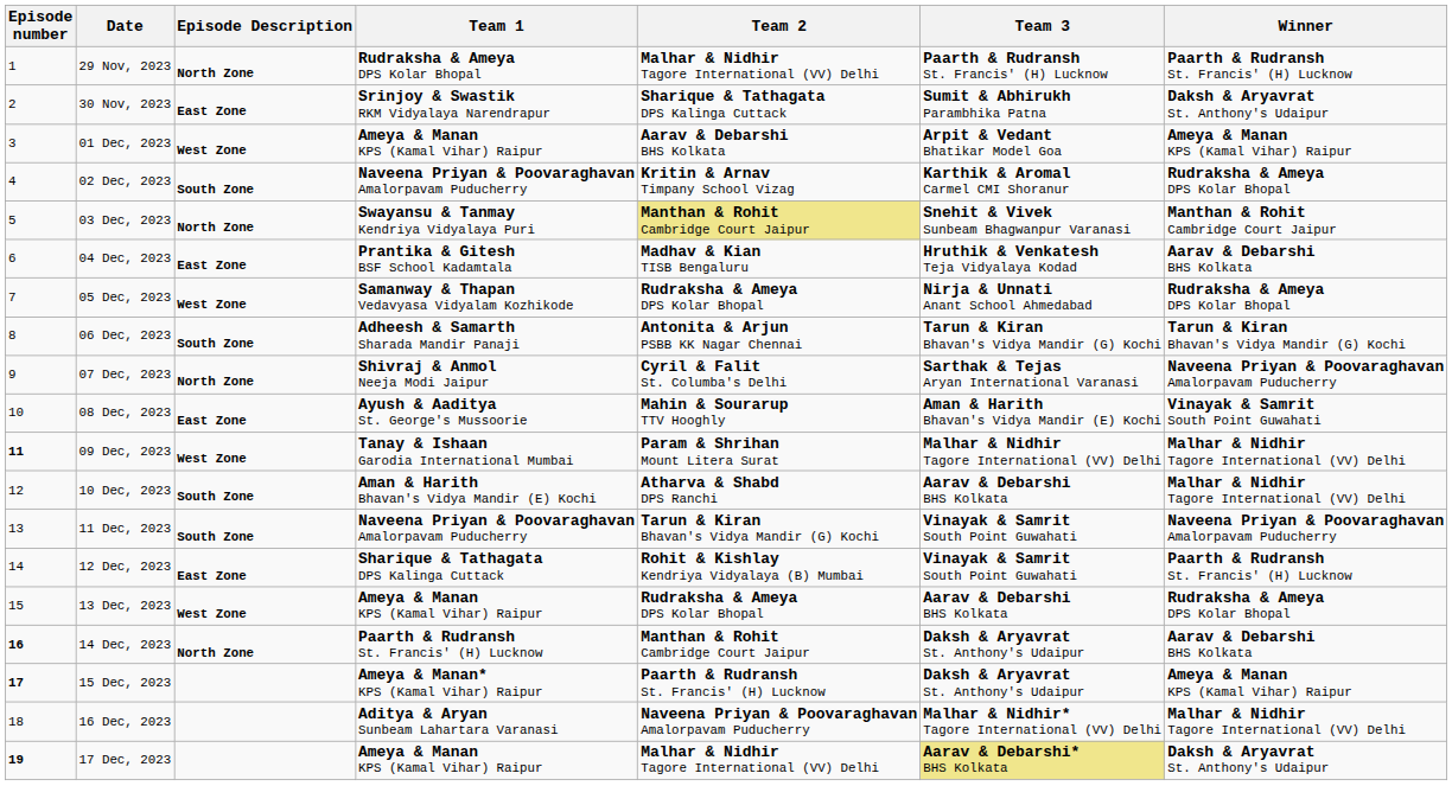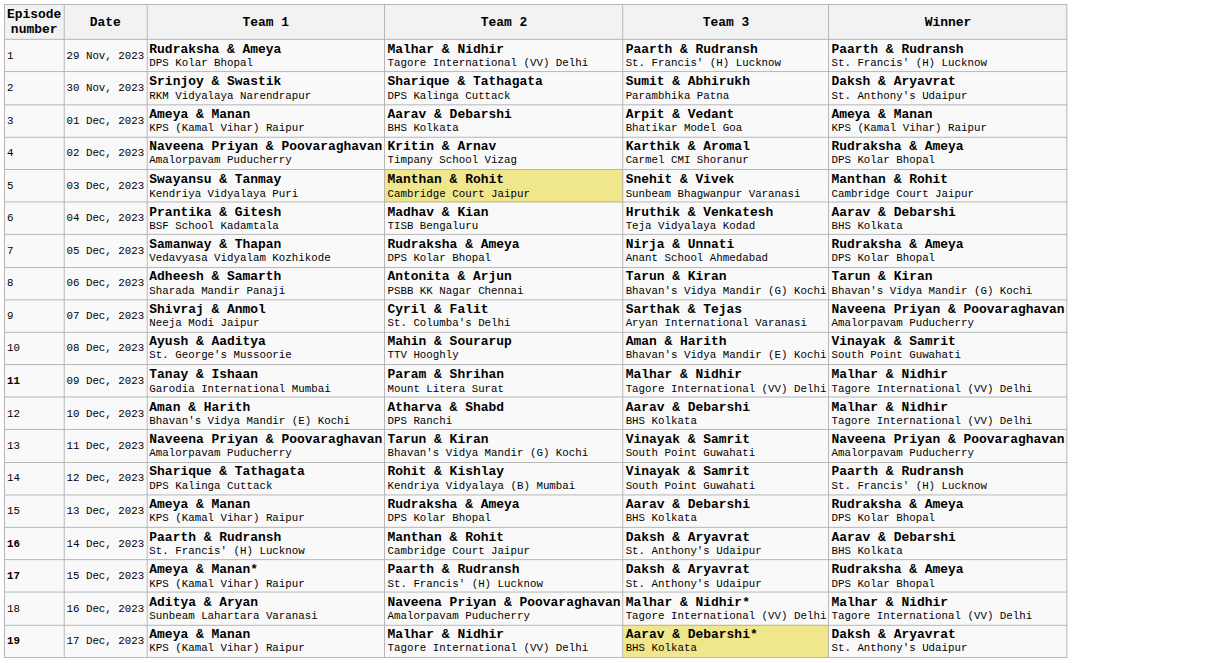 <table class="wikitable">
 <tr>
 <th><strong><big>Episode</big></strong><br><strong><big>number</big></strong></th>
 <th><big>Date</big></th>
-<th><big>Episode Description</big></th>
 <th><big>Team 1</big></th>
 <th><big>Team 2</big></th>
 <th><big>Team 3</big></th>
 <th><big>Winner</big></th>
 </tr>
 <tr>
 <td>1</td>
 <td>29 Nov, 2023</td>
-<td><br><strong>North Zone</strong></td>
 <td><big><strong>Rudraksha & Ameya</strong></big><br>DPS Kolar Bhopal</td>
 <td><big><strong>Malhar & Nidhir</strong></big><br>Tagore International (VV) Delhi</td>
 <td><big><strong>Paarth & Rudransh</strong></big><br>St. Francis' (H) Lucknow</td>
 <td><big><strong>Paarth & Rudransh</strong></big><br>St. Francis' (H) Lucknow</td>
 </tr>
 <tr>
 <td>2</td>
 <td>30 Nov, 2023</td>
-<td><br><strong>East Zone</strong></td>
 <td><big><strong>Srinjoy & Swastik</strong></big><br>RKM Vidyalaya Narendrapur</td>
 <td><big><strong>Sharique & Tathagata</strong></big><br>DPS Kalinga Cuttack</td>
 <td><big><strong>Sumit & Abhirukh</strong></big><br>Parambhika Patna</td>
 <td><big><strong>Daksh & Aryavrat</strong></big><br>St. Anthony's Udaipur</td>
 </tr>
 <tr>
 <td>3</td>
 <td>01 Dec, 2023</td>
-<td><br><strong>West Zone</strong></td>
 <td><big><strong>Ameya & Manan</strong></big><br>KPS (Kamal Vihar) Raipur</td>
 <td><big><strong>Aarav & Debarshi</strong></big><br>BHS Kolkata</td>
 <td><big><strong>Arpit & Vedant</strong></big><br>Bhatikar Model Goa</td>
 <td><big><strong>Ameya & Manan</strong></big><br>KPS (Kamal Vihar) Raipur</td>
 </tr>
 <tr>
 <td>4</td>
 <td>02 Dec, 2023</td>
-<td><br><strong>South Zone</strong></td>
 <td><big><strong>Naveena Priyan & Poovaraghavan</strong></big><br>Amalorpavam Puducherry</td>
 <td><big><strong>Kritin & Arnav</strong></big><br>Timpany School Vizag</td>
 <td><big><strong>Karthik & Aromal</strong></big><br>Carmel CMI Shoranur</td>
 <td><big><strong>Rudraksha & Ameya</strong></big><br>DPS Kolar Bhopal</td>
 </tr>
 <tr>
 <td>5</td>
 <td>03 Dec, 2023</td>
-<td><br><strong>North Zone</strong></td>
 <td><big><strong>Swayansu & Tanmay</strong></big><br>Kendriya Vidyalaya Puri</td>
 <td style="background: khaki;"><big><strong>Manthan & Rohit</strong></big><br>Cambridge Court Jaipur</td>
 <td><big><strong>Snehit & Vivek</strong></big><br>Sunbeam Bhagwanpur Varanasi</td>
 <td><big><strong>Manthan & Rohit</strong></big><br>Cambridge Court Jaipur</td>
 </tr>
 <tr>
 <td>6</td>
 <td>04 Dec, 2023</td>
-<td><br><strong>East Zone</strong></td>
 <td><big><strong>Prantika & Gitesh</strong></big><br>BSF School Kadamtala</td>
 <td><big><strong>Madhav & Kian</strong></big><br>TISB Bengaluru</td>
 <td><big><strong>Hruthik & Venkatesh</strong></big><br>Teja Vidyalaya Kodad</td>
 <td><big><strong>Aarav & Debarshi</strong></big><br>BHS Kolkata</td>
 </tr>
 <tr>
 <td>7</td>
 <td>05 Dec, 2023</td>
-<td><br><strong>West Zone</strong></td>
 <td><big><strong>Samanway & Thapan</strong></big><br>Vedavyasa Vidyalam Kozhikode</td>
 <td><big><strong>Rudraksha & Ameya</strong></big><br>DPS Kolar Bhopal</td>
 <td><big><strong>Nirja & Unnati</strong></big><br>Anant School Ahmedabad</td>
 <td><big><strong>Rudraksha & Ameya</strong></big><br>DPS Kolar Bhopal</td>
 </tr>
 <tr>
 <td>8</td>
 <td>06 Dec, 2023</td>
-<td><br><strong>South Zone</strong></td>
 <td><big><strong>Adheesh & Samarth</strong></big><br>Sharada Mandir Panaji</td>
 <td><big><strong>Antonita & Arjun</strong></big><br>PSBB KK Nagar Chennai</td>
 <td><big><strong>Tarun & Kiran</strong></big><br>Bhavan's Vidya Mandir (G) Kochi</td>
 <td><big><strong>Tarun & Kiran</strong></big><br>Bhavan's Vidya Mandir (G) Kochi</td>
 </tr>
 <tr>
 <td>9</td>
 <td>07 Dec, 2023</td>
-<td><br><strong>North Zone</strong></td>
 <td><big><strong>Shivraj & Anmol</strong></big><br>Neeja Modi Jaipur</td>
 <td><big><strong>Cyril & Falit</strong></big><br>St. Columba's Delhi</td>
 <td><big><strong>Sarthak & Tejas</strong></big><br>Aryan International Varanasi</td>
 <td><big><strong>Naveena Priyan & Poovaraghavan</strong></big><br>Amalorpavam Puducherry</td>
 </tr>
 <tr>
 <td>10</td>
 <td>08 Dec, 2023</td>
-<td><br><strong>East Zone</strong></td>
 <td><big><strong>Ayush & Aaditya</strong></big><br>St. George's Mussoorie</td>
 <td><big><strong>Mahin & Sourarup</strong></big><br>TTV Hooghly</td>
 <td><big><strong>Aman & Harith</strong></big><br>Bhavan's Vidya Mandir (E) Kochi</td>
 <td><big><strong>Vinayak & Samrit</strong></big><br>South Point Guwahati</td>
 </tr>
 <tr>
 <td><strong>11</strong></td>
 <td>09 Dec, 2023</td>
-<td><br><strong>West Zone</strong></td>
 <td><big><strong>Tanay & Ishaan</strong></big><br>Garodia International Mumbai</td>
 <td><big><strong>Param & Shrihan</strong></big><br>Mount Litera Surat</td>
 <td><big><strong>Malhar & Nidhir</strong></big><br>Tagore International (VV) Delhi</td>
 <td><big><strong>Malhar & Nidhir</strong></big><br>Tagore International (VV) Delhi</td>
 </tr>
 <tr>
 <td>12</td>
 <td>10 Dec, 2023</td>
-<td><br><strong>South Zone</strong></td>
 <td><big><strong>Aman & Harith</strong></big><br>Bhavan's Vidya Mandir (E) Kochi</td>
 <td><big><strong>Atharva & Shabd</strong></big><br>DPS Ranchi</td>
 <td><big><strong>Aarav & Debarshi</strong></big><br>BHS Kolkata</td>
 <td><big><strong>Malhar & Nidhir</strong></big><br>Tagore International (VV) Delhi</td>
 </tr>
 <tr>
 <td>13</td>
 <td>11 Dec, 2023</td>
-<td><big><strong></strong></big><br><strong>South Zone</strong></td>
 <td><big><strong>Naveena Priyan & Poovaraghavan</strong></big><br>Amalorpavam Puducherry</td>
 <td><big><strong>Tarun & Kiran</strong></big><br>Bhavan's Vidya Mandir (G) Kochi</td>
 <td><big><strong>Vinayak & Samrit</strong></big><br>South Point Guwahati</td>
 <td><big><strong>Naveena Priyan & Poovaraghavan</strong></big><br>Amalorpavam Puducherry</td>
 </tr>
 <tr>
 <td>14</td>
 <td>12 Dec, 2023</td>
-<td><big><strong></strong></big><br><strong>East Zone</strong></td>
 <td><big><strong>Sharique & Tathagata</strong></big><br>DPS Kalinga Cuttack</td>
 <td><big><strong>Rohit & Kishlay</strong></big><br>Kendriya Vidyalaya (B) Mumbai</td>
 <td><big><strong>Vinayak & Samrit</strong></big><br>South Point Guwahati</td>
 <td><big><strong>Paarth & Rudransh</strong></big><br>St. Francis' (H) Lucknow</td>
 </tr>
 <tr>
 <td>15</td>
 <td>13 Dec, 2023</td>
-<td><big><strong></strong></big><br><strong>West Zone</strong></td>
 <td><big><strong>Ameya & Manan</strong></big><br>KPS (Kamal Vihar) Raipur</td>
 <td><big><strong>Rudraksha & Ameya</strong></big><br>DPS Kolar Bhopal</td>
 <td><big><strong>Aarav & Debarshi</strong></big><br>BHS Kolkata</td>
 <td><big><strong>Rudraksha & Ameya</strong></big><br>DPS Kolar Bhopal</td>
 </tr>
 <tr>
 <td><strong>16</strong></td>
 <td>14 Dec, 2023</td>
-<td><big><strong></strong></big><br><strong>North Zone</strong></td>
 <td><big><strong>Paarth & Rudransh</strong></big><br>St. Francis' (H) Lucknow</td>
 <td><big><strong>Manthan & Rohit</strong></big><br>Cambridge Court Jaipur</td>
 <td><big><strong>Daksh & Aryavrat</strong></big><br>St. Anthony's Udaipur</td>
 <td><big><strong>Aarav & Debarshi</strong></big><br>BHS Kolkata</td>
 </tr>
 <tr>
 <td><strong>17</strong></td>
 <td>15 Dec, 2023</td>
-<td><strong><big></big></strong></td>
 <td><big><strong>Ameya & Manan*</strong></big><br>KPS (Kamal Vihar) Raipur</td>
 <td><big><strong>Paarth & Rudransh</strong></big><br>St. Francis' (H) Lucknow</td>
 <td><big><strong>Daksh & Aryavrat</strong></big><br>St. Anthony's Udaipur</td>
-<td><big><strong>Ameya & Manan</strong></big><br>KPS (Kamal Vihar) Raipur</td>
+<td><big><strong>Rudraksha & Ameya</strong></big><br>DPS Kolar Bhopal</td>
 </tr>
 <tr>
 <td>18</td>
 <td>16 Dec, 2023</td>
-<td><strong><big></big></strong></td>
 <td><big><strong>Aditya & Aryan</strong></big><br>Sunbeam Lahartara Varanasi</td>
 <td><big><strong>Naveena Priyan & Poovaraghavan</strong></big><br>Amalorpavam Puducherry</td>
 <td><big><strong>Malhar & Nidhir*</strong></big><br>Tagore International (VV) Delhi</td>
 <td><big><strong>Malhar & Nidhir</strong></big><br>Tagore International (VV) Delhi</td>
 </tr>
 <tr>
 <td><strong>19</strong></td>
 <td>17 Dec, 2023</td>
-<td><strong><big></big></strong></td>
 <td><big><strong>Ameya & Manan</strong></big><br>KPS (Kamal Vihar) Raipur</td>
 <td><big><strong>Malhar & Nidhir</strong></big><br>Tagore International (VV) Delhi</td>
 <td style="background: khaki;"><big><strong>Aarav & Debarshi*</strong></big><br>BHS Kolkata</td>
 <td><big><strong>Daksh & Aryavrat</strong></big><br>St. Anthony's Udaipur</td>
 </tr>
 </table>
